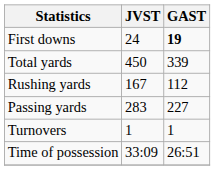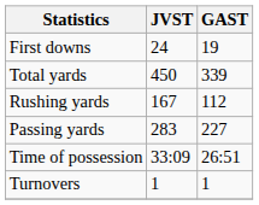 <table class="wikitable" style="float: left;">
 <tr>
 <th>Statistics</th>
 <th>JVST</th>
 <th>GAST</th>
 </tr>
 <tr>
 <td>First downs</td>
 <td>24</td>
-<td><strong>19</strong></td>
+<td>19</td>
 </tr>
 <tr>
 <td>Total yards</td>
 <td>450</td>
 <td>339</td>
 </tr>
 <tr>
 <td>Rushing yards</td>
 <td>167</td>
 <td>112</td>
 </tr>
 <tr>
 <td>Passing yards</td>
 <td>283</td>
 <td>227</td>
 </tr>
 <tr>
+<td>Time of possession</td>
+<td>33:09</td>
+<td>26:51</td>
+</tr>
+<tr>
 <td>Turnovers</td>
 <td>1</td>
 <td>1</td>
 </tr>
 <tr>
-<td>Time of possession</td>
-<td>33:09</td>
-<td>26:51</td>
-</tr>
-<tr>
 </tr>
 </table>
